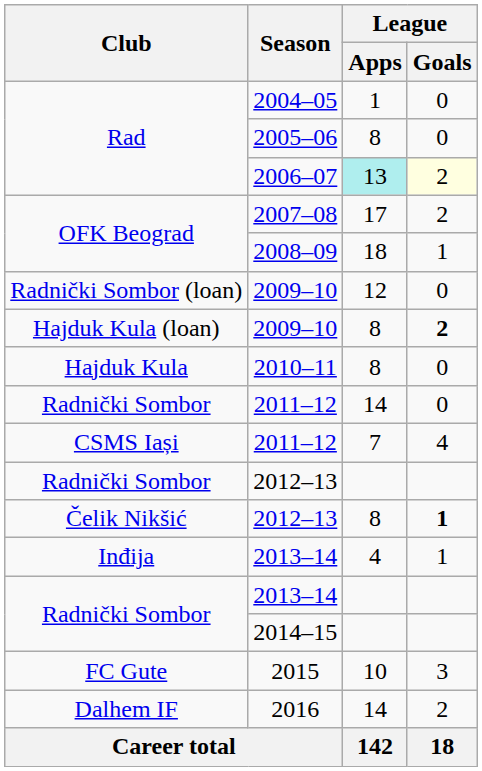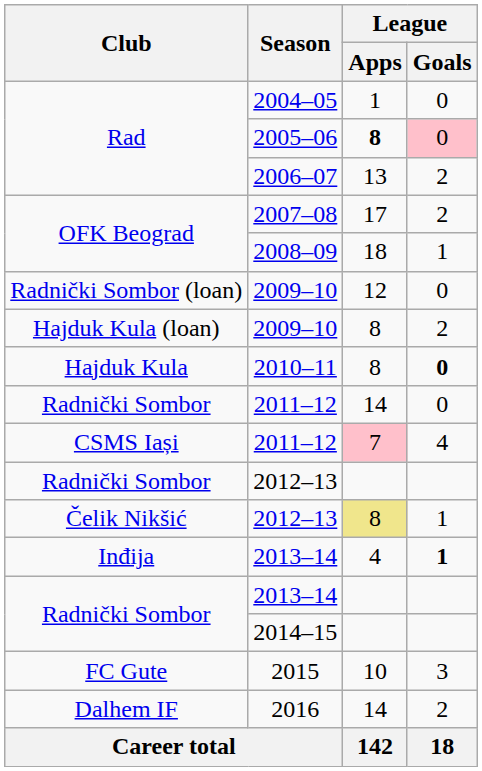 <table class="wikitable" style="text-align:center">
 <tr>
 <th rowspan="2">Club</th>
 <th rowspan="2">Season</th>
 <th colspan="2">League</th>
 </tr>
 <tr>
 <th>Apps</th>
 <th>Goals</th>
 </tr>
 <tr>
 <td rowspan="3"><a href='#'>Rad</a></td>
 <td><a href='#'>2004–05</a></td>
 <td>1</td>
 <td>0</td>
 </tr>
 <tr>
 <td><a href='#'>2005–06</a></td>
-<td>8</td>
-<td>0</td>
+<td><strong>8</strong></td>
+<td style="background: pink;">0</td>
 </tr>
 <tr>
 <td><a href='#'>2006–07</a></td>
-<td style="background: paleturquoise;">13</td>
-<td style="background: lightyellow;">2</td>
+<td>13</td>
+<td>2</td>
 </tr>
 <tr>
 <td rowspan="2"><a href='#'>OFK Beograd</a></td>
 <td><a href='#'>2007–08</a></td>
 <td>17</td>
 <td>2</td>
 </tr>
 <tr>
 <td><a href='#'>2008–09</a></td>
 <td>18</td>
 <td>1</td>
 </tr>
 <tr>
 <td><a href='#'>Radnički Sombor</a> (loan)</td>
 <td><a href='#'>2009–10</a></td>
 <td>12</td>
 <td>0</td>
 </tr>
 <tr>
 <td><a href='#'>Hajduk Kula</a> (loan)</td>
 <td><a href='#'>2009–10</a></td>
 <td>8</td>
-<td><strong>2</strong></td>
+<td>2</td>
 </tr>
 <tr>
 <td><a href='#'>Hajduk Kula</a></td>
 <td><a href='#'>2010–11</a></td>
 <td>8</td>
-<td>0</td>
+<td><strong>0</strong></td>
 </tr>
 <tr>
 <td><a href='#'>Radnički Sombor</a></td>
 <td><a href='#'>2011–12</a></td>
 <td>14</td>
 <td>0</td>
 </tr>
 <tr>
 <td><a href='#'>CSMS Iași</a></td>
 <td><a href='#'>2011–12</a></td>
-<td>7</td>
+<td style="background: pink;">7</td>
 <td>4</td>
 </tr>
 <tr>
 <td><a href='#'>Radnički Sombor</a></td>
 <td>2012–13</td>
 <td></td>
 <td></td>
 </tr>
 <tr>
 <td><a href='#'>Čelik Nikšić</a></td>
 <td><a href='#'>2012–13</a></td>
-<td>8</td>
-<td><strong>1</strong></td>
+<td style="background: khaki;">8</td>
+<td>1</td>
 </tr>
 <tr>
 <td><a href='#'>Inđija</a></td>
 <td><a href='#'>2013–14</a></td>
 <td>4</td>
-<td>1</td>
+<td><strong>1</strong></td>
 </tr>
 <tr>
 <td rowspan="2"><a href='#'>Radnički Sombor</a></td>
 <td><a href='#'>2013–14</a></td>
 <td></td>
 <td></td>
 </tr>
 <tr>
 <td>2014–15</td>
 <td></td>
 <td></td>
 </tr>
 <tr>
 <td><a href='#'>FC Gute</a></td>
 <td>2015</td>
 <td>10</td>
 <td>3</td>
 </tr>
 <tr>
 <td><a href='#'>Dalhem IF</a></td>
 <td>2016</td>
 <td>14</td>
 <td>2</td>
 </tr>
 <tr>
 <th colspan="2">Career total</th>
 <th>142</th>
 <th>18</th>
 </tr>
 </table>
